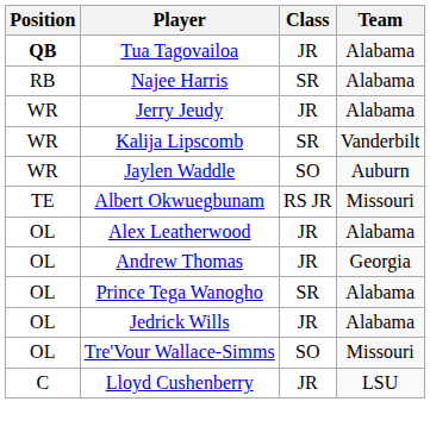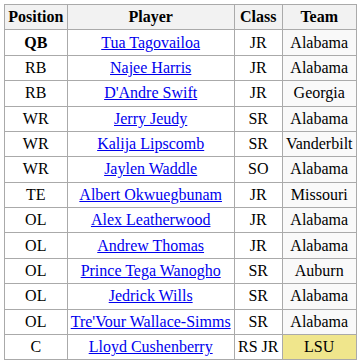 <table class="wikitable sortable">
 <tr>
 <th>Position</th>
 <th>Player</th>
 <th>Class</th>
 <th>Team</th>
 </tr>
 <tr style="text-align:center;">
 <td style="background:white"><strong>QB</strong></td>
 <td style="background:white"><a href='#'>Tua Tagovailoa</a></td>
 <td style="background:white">JR</td>
 <td>Alabama</td>
 </tr>
 <tr style="text-align:center;">
 <td style="background:white">RB</td>
 <td style="background:white"><a href='#'>Najee Harris</a></td>
-<td style="background:white">SR</td>
+<td style="background:white">JR</td>
 <td>Alabama</td>
+</tr>
+<tr style="text-align:center;">
+<td style="background:white">RB</td>
+<td style="background:white"><a href='#'>D'Andre Swift</a></td>
+<td style="background:white">JR</td>
+<td>Georgia</td>
 </tr>
 <tr style="text-align:center;">
 <td style="background:white">WR</td>
 <td style="background:white"><a href='#'>Jerry Jeudy</a></td>
-<td style="background:white">JR</td>
+<td style="background:white">SR</td>
 <td>Alabama</td>
 </tr>
 <tr style="text-align:center;">
 <td style="background:white">WR</td>
 <td style="background:white"><a href='#'>Kalija Lipscomb</a></td>
 <td style="background:white">SR</td>
 <td>Vanderbilt</td>
 </tr>
 <tr style="text-align:center;">
 <td style="background:white">WR</td>
 <td style="background:white"><a href='#'>Jaylen Waddle</a></td>
 <td style="background:white">SO</td>
-<td>Auburn</td>
+<td>Alabama</td>
 </tr>
 <tr style="text-align:center;">
 <td style="background:white">TE</td>
 <td style="background:white"><a href='#'>Albert Okwuegbunam</a></td>
-<td style="background:white">RS JR</td>
+<td style="background:white">JR</td>
 <td>Missouri</td>
 </tr>
 <tr style="text-align:center;">
 <td style="background:white">OL</td>
 <td style="background:white"><a href='#'>Alex Leatherwood</a></td>
 <td style="background:white">JR</td>
 <td>Alabama</td>
 </tr>
 <tr style="text-align:center;">
 <td style="background:white">OL</td>
 <td style="background:white"><a href='#'>Andrew Thomas</a></td>
 <td style="background:white">JR</td>
-<td>Georgia</td>
+<td>Alabama</td>
 </tr>
 <tr style="text-align:center;">
 <td style="background:white">OL</td>
 <td style="background:white"><a href='#'>Prince Tega Wanogho</a></td>
 <td style="background:white">SR</td>
-<td>Alabama</td>
+<td>Auburn</td>
 </tr>
 <tr style="text-align:center;">
 <td style="background:white">OL</td>
 <td style="background:white"><a href='#'>Jedrick Wills</a></td>
-<td style="background:white">JR</td>
+<td style="background:white">SR</td>
 <td>Alabama</td>
 </tr>
 <tr style="text-align:center;">
 <td style="background:white">OL</td>
 <td style="background:white"><a href='#'>Tre'Vour Wallace-Simms</a></td>
-<td style="background:white">SO</td>
-<td>Missouri</td>
+<td style="background:white">SR</td>
+<td>Alabama</td>
 </tr>
 <tr style="text-align:center;">
 <td style="background:white">C</td>
 <td style="background:white"><a href='#'>Lloyd Cushenberry</a></td>
-<td style="background:white">JR</td>
-<td>LSU</td>
+<td style="background:white">RS JR</td>
+<td style="background: khaki;">LSU</td>
 </tr>
 </table>
